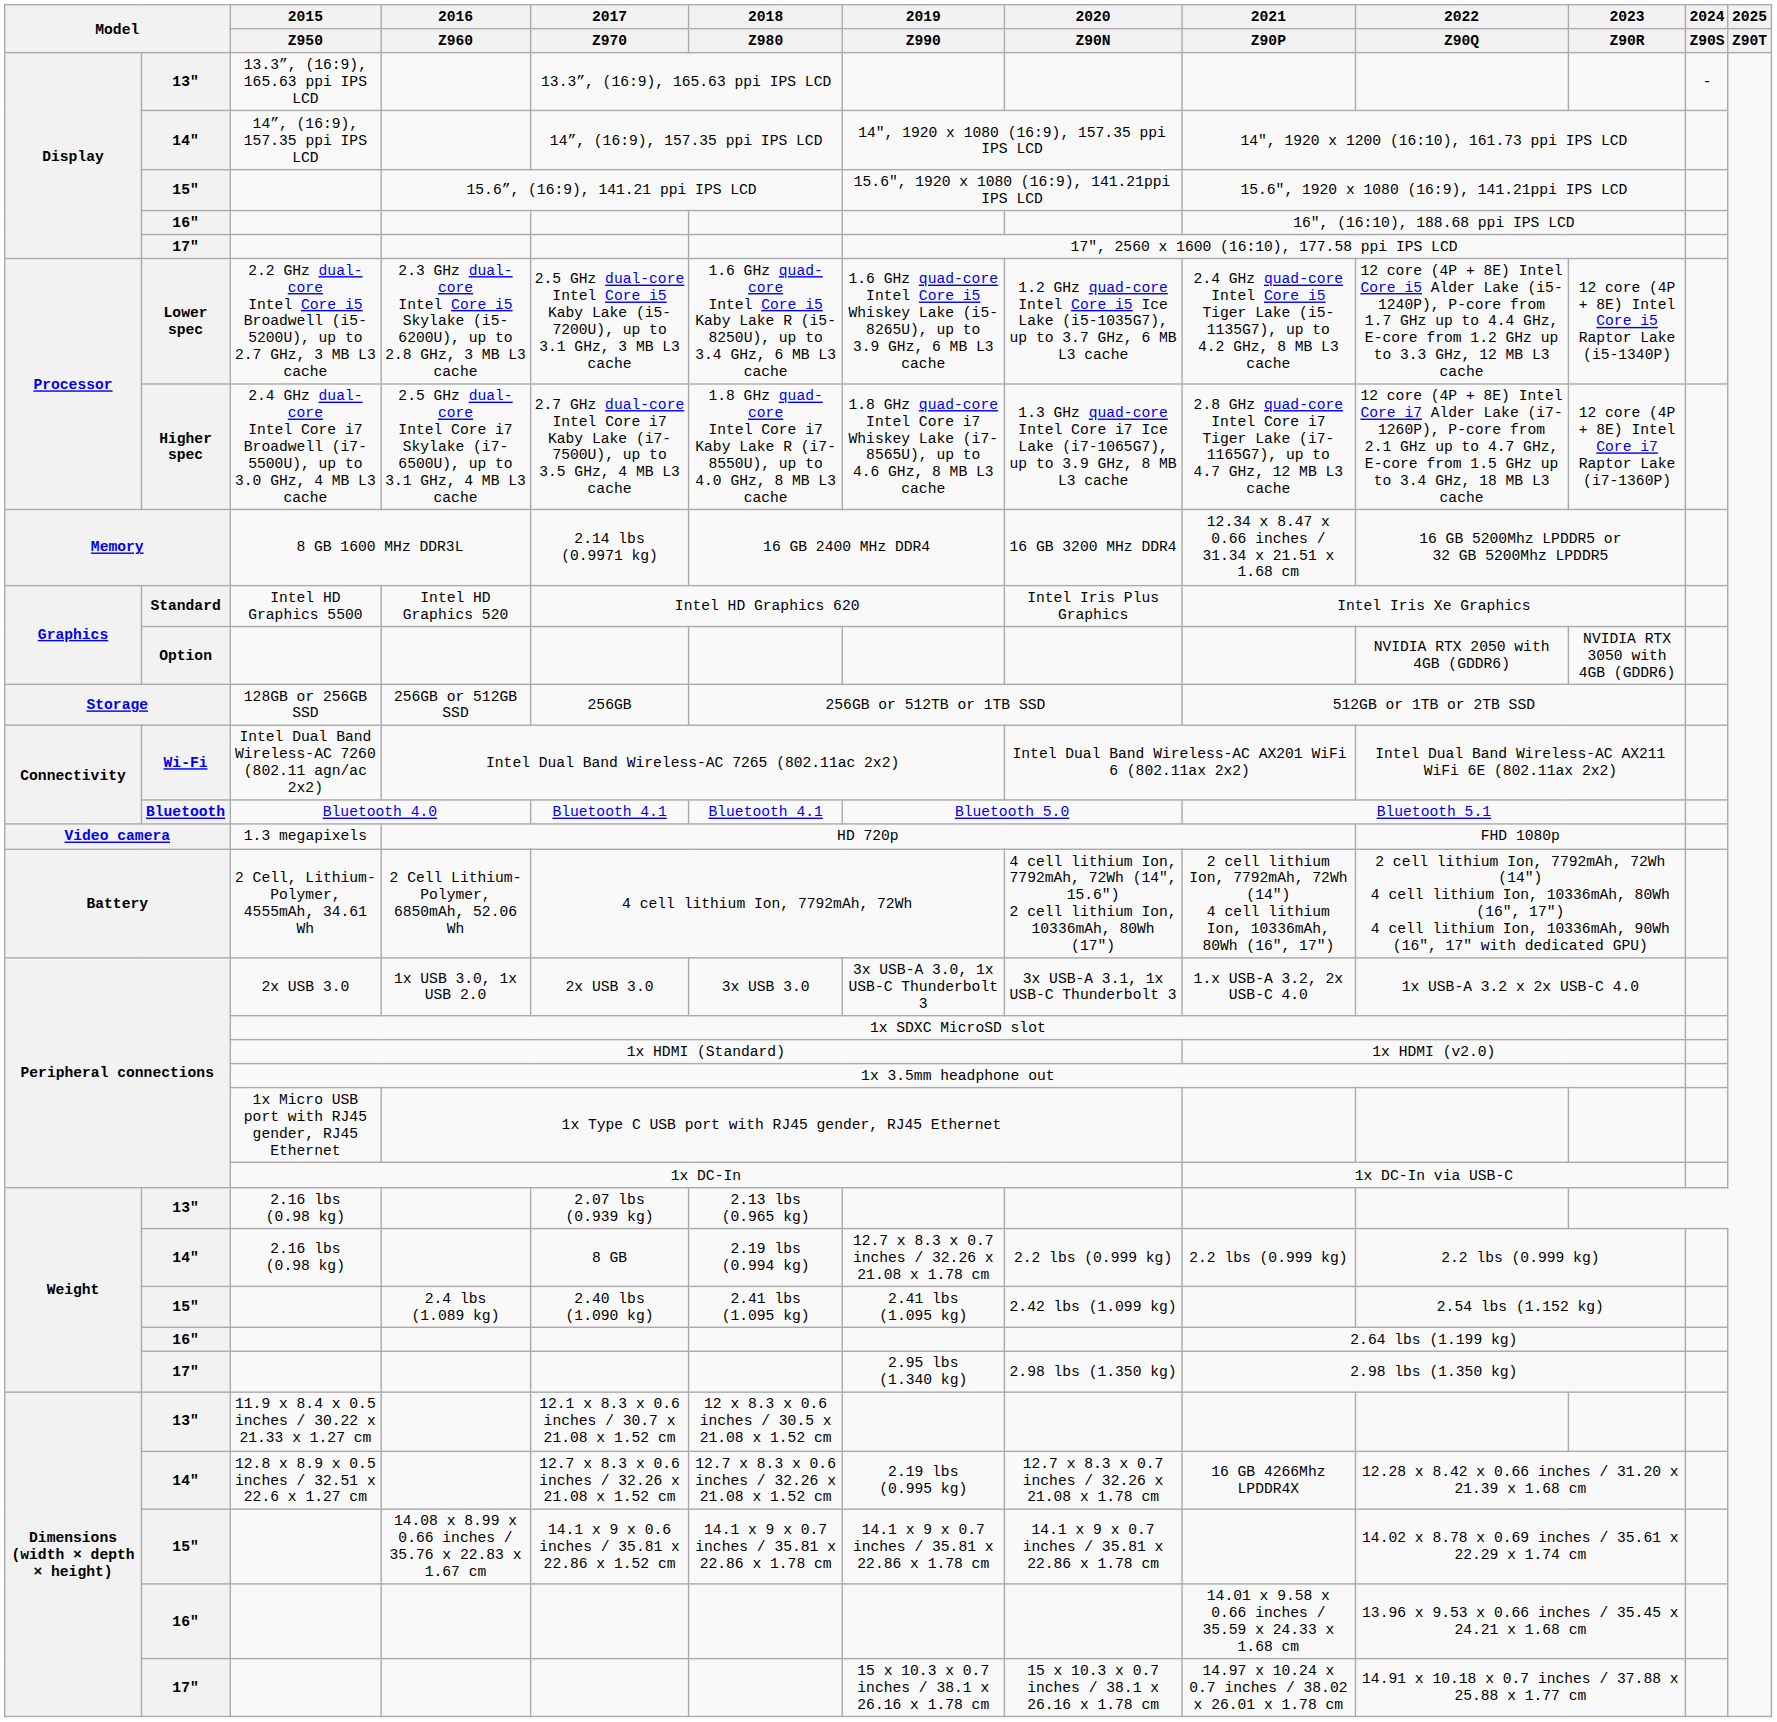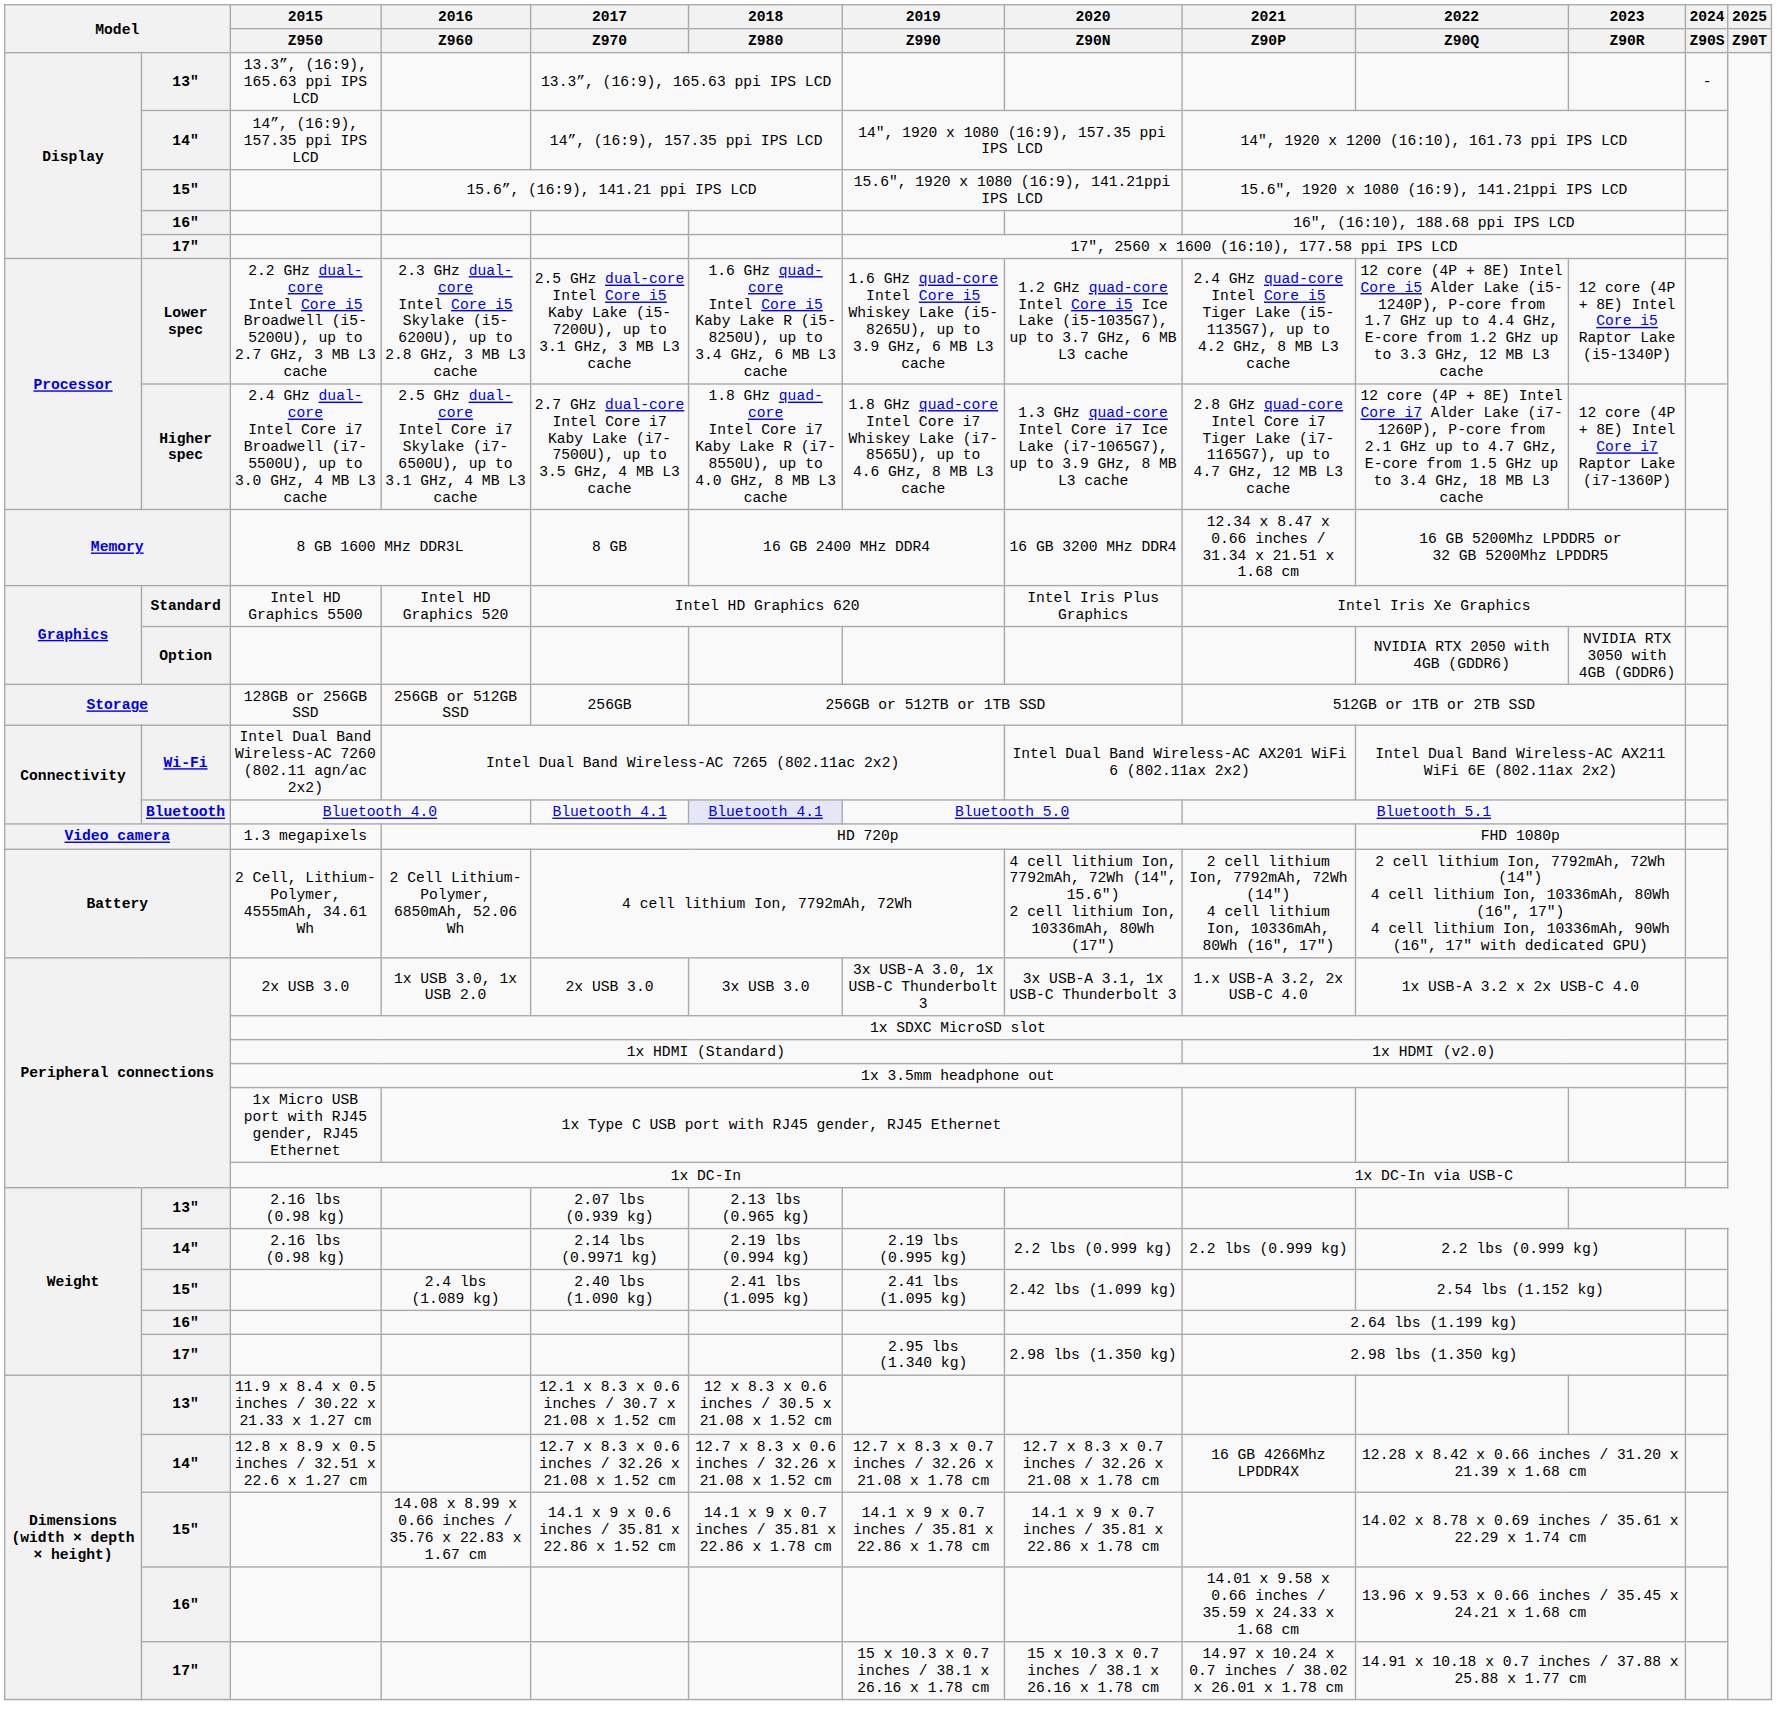 <table class="wikitable" style="font-size:80%; text-align:center">
 <tr>
 <th colspan="2" rowspan="2">Model</th>
 <th>2015</th>
 <th>2016</th>
 <th>2017</th>
 <th>2018</th>
 <th>2019</th>
 <th>2020</th>
 <th>2021</th>
 <th>2022</th>
 <th>2023</th>
 <th>2024</th>
 <th>2025</th>
 </tr>
 <tr>
 <th>Z950</th>
 <th>Z960</th>
 <th>Z970</th>
 <th>Z980</th>
 <th>Z990</th>
 <th>Z90N</th>
 <th>Z90P</th>
 <th>Z90Q</th>
 <th>Z90R</th>
 <th>Z90S</th>
 <th>Z90T</th>
 </tr>
 <tr>
 <th rowspan="5">Display</th>
 <th>13"</th>
 <td>13.3”,  (16:9), 165.63 ppi IPS LCD </td>
 <td></td>
 <td colspan="2">13.3”,  (16:9), 165.63 ppi IPS LCD </td>
 <td></td>
 <td></td>
 <td></td>
 <td></td>
 <td></td>
 <td>-</td>
 </tr>
 <tr>
 <th>14"</th>
 <td>14”,  (16:9), 157.35 ppi IPS LCD </td>
 <td></td>
 <td colspan="2">14”,  (16:9), 157.35 ppi IPS LCD </td>
 <td colspan="2">14", 1920 x 1080 (16:9), 157.35 ppi IPS LCD</td>
 <td colspan="3">14", 1920 x 1200 (16:10), 161.73 ppi IPS LCD</td>
 <td></td>
 </tr>
 <tr>
 <th>15"</th>
 <td></td>
 <td colspan="3">15.6”,  (16:9), 141.21 ppi IPS LCD </td>
 <td colspan="2">15.6", 1920 x 1080 (16:9), 141.21ppi IPS LCD</td>
 <td colspan="3">15.6", 1920 x 1080 (16:9), 141.21ppi IPS LCD</td>
 <td></td>
 </tr>
 <tr>
 <th>16"</th>
 <td></td>
 <td></td>
 <td></td>
 <td></td>
 <td></td>
 <td></td>
 <td colspan="3">16",  (16:10), 188.68 ppi IPS LCD</td>
 <td></td>
 </tr>
 <tr>
 <th>17"</th>
 <td></td>
 <td></td>
 <td></td>
 <td></td>
 <td colspan="5">17", 2560 x 1600 (16:10), 177.58 ppi IPS LCD</td>
 <td></td>
 </tr>
 <tr>
 <th rowspan="2"><strong><a href='#'>Processor</a></strong></th>
 <th>Lower spec</th>
 <td>2.2 GHz <a href='#'>dual-core</a><br>Intel <a href='#'>Core i5</a> Broadwell (i5-5200U), up to 2.7 GHz, 3 MB L3 cache</td>
 <td>2.3 GHz <a href='#'>dual-core</a><br>Intel <a href='#'>Core i5</a> Skylake (i5-6200U), up to 2.8 GHz, 3 MB L3 cache</td>
 <td>2.5 GHz <a href='#'>dual-core</a><br>Intel <a href='#'>Core i5</a> Kaby Lake (i5-7200U), up to 3.1 GHz, 3 MB L3 cache</td>
 <td>1.6 GHz <a href='#'>quad-core</a><br>Intel <a href='#'>Core i5</a>  Kaby Lake R (i5-8250U), up to 3.4 GHz, 6 MB L3 cache</td>
 <td>1.6 GHz <a href='#'>quad-core</a><br>Intel <a href='#'>Core i5</a>  Whiskey Lake (i5-8265U), up to 3.9 GHz, 6 MB L3 cache</td>
 <td>1.2 GHz <a href='#'>quad-core</a><br>Intel <a href='#'>Core i5</a> Ice Lake (i5-1035G7), up to 3.7 GHz, 6 MB L3 cache</td>
 <td>2.4 GHz <a href='#'>quad-core</a><br>Intel <a href='#'>Core i5</a>  Tiger Lake (i5-1135G7), up to 4.2 GHz, 8 MB L3 cache</td>
 <td>12 core (4P + 8E) Intel <a href='#'>Core i5</a>  Alder Lake (i5-1240P), P-core from 1.7 GHz up to 4.4 GHz, E-core from 1.2 GHz up to 3.3 GHz, 12 MB L3 cache</td>
 <td>12 core (4P + 8E) Intel <a href='#'>Core i5</a>  Raptor Lake (i5-1340P)</td>
 <td></td>
 </tr>
 <tr>
 <th>Higher spec</th>
 <td>2.4 GHz <a href='#'>dual-core</a><br>Intel Core i7 Broadwell (i7-5500U), up to 3.0 GHz, 4 MB L3 cache</td>
 <td>2.5 GHz <a href='#'>dual-core</a><br>Intel Core i7 Skylake (i7-6500U), up to 3.1 GHz, 4 MB L3 cache</td>
 <td>2.7 GHz <a href='#'>dual-core</a><br>Intel Core i7 Kaby Lake (i7-7500U), up to 3.5 GHz, 4 MB L3 cache</td>
 <td>1.8 GHz <a href='#'>quad-core</a><br>Intel Core i7 Kaby Lake R (i7-8550U), up to 4.0 GHz, 8 MB L3 cache</td>
 <td>1.8 GHz <a href='#'>quad-core</a><br>Intel Core i7 Whiskey Lake (i7-8565U), up to 4.6 GHz, 8 MB L3 cache</td>
 <td>1.3 GHz <a href='#'>quad-core</a> Intel Core i7 Ice Lake (i7-1065G7), up to 3.9 GHz, 8 MB L3 cache</td>
 <td>2.8 GHz <a href='#'>quad-core</a> Intel Core i7 Tiger Lake (i7-1165G7), up to 4.7 GHz, 12 MB L3 cache</td>
 <td>12 core (4P + 8E) Intel <a href='#'>Core i7</a>  Alder Lake (i7-1260P), P-core from 2.1 GHz up to 4.7 GHz, E-core from 1.5 GHz up to 3.4 GHz, 18 MB L3 cache</td>
 <td>12 core (4P + 8E) Intel <a href='#'>Core i7</a>  Raptor Lake (i7-1360P)</td>
 <td></td>
 </tr>
 <tr>
 <th colspan="2"><strong><a href='#'>Memory</a></strong></th>
 <td colspan="2">8 GB 1600 MHz DDR3L</td>
-<td>2.14 lbs (0.9971 kg)</td>
+<td>8 GB</td>
 <td colspan="2">16 GB 2400 MHz DDR4</td>
 <td>16 GB 3200 MHz DDR4</td>
 <td>12.34 x 8.47 x 0.66 inches / 31.34 x 21.51 x 1.68 cm</td>
 <td colspan="2">16 GB 5200Mhz LPDDR5 or<br>32 GB 5200Mhz LPDDR5</td>
 <td></td>
 </tr>
 <tr>
 <th rowspan="2"><strong><a href='#'>Graphics</a></strong></th>
 <th>Standard</th>
 <td>Intel HD Graphics 5500</td>
 <td>Intel HD Graphics 520</td>
 <td colspan="3">Intel HD Graphics 620</td>
 <td>Intel Iris Plus Graphics</td>
 <td colspan="3">Intel Iris Xe Graphics</td>
 <td></td>
 </tr>
 <tr>
 <th>Option</th>
 <td></td>
 <td></td>
 <td></td>
 <td></td>
 <td></td>
 <td></td>
 <td></td>
 <td>NVIDIA RTX 2050 with 4GB (GDDR6)</td>
 <td>NVIDIA RTX 3050 with 4GB (GDDR6)</td>
 <td></td>
 </tr>
 <tr>
 <th colspan="2"><strong><a href='#'>Storage</a></strong></th>
 <td>128GB or 256GB SSD</td>
 <td>256GB or 512GB SSD</td>
 <td>256GB</td>
 <td colspan="3">256GB or 512TB or 1TB SSD</td>
 <td colspan="3">512GB or 1TB or 2TB SSD</td>
 <td></td>
 </tr>
 <tr>
 <th rowspan="2">Connectivity</th>
 <th><strong><a href='#'>Wi-Fi</a></strong></th>
 <td>Intel Dual Band Wireless-AC 7260 (802.11 agn/ac 2x2)</td>
 <td colspan="4">Intel Dual Band Wireless-AC 7265 (802.11ac 2x2)</td>
 <td colspan="2">Intel Dual Band Wireless-AC AX201 WiFi 6 (802.11ax 2x2)</td>
 <td colspan="2">Intel Dual Band Wireless-AC AX211 WiFi 6E (802.11ax 2x2)</td>
 <td></td>
 </tr>
 <tr>
 <th><strong><a href='#'>Bluetooth</a></strong></th>
 <td colspan="2"><a href='#'>Bluetooth 4.0</a></td>
 <td><a href='#'>Bluetooth 4.1</a></td>
-<td><a href='#'>Bluetooth 4.1</a></td>
+<td style="background: lavender;"><a href='#'>Bluetooth 4.1</a></td>
 <td colspan="2"><a href='#'>Bluetooth 5.0</a></td>
 <td colspan="3"><a href='#'>Bluetooth 5.1</a></td>
 <td></td>
 </tr>
 <tr>
 <th colspan="2"><strong><a href='#'>Video camera</a></strong></th>
 <td>1.3 megapixels</td>
 <td colspan="6">HD 720p</td>
 <td colspan="2">FHD 1080p</td>
 <td></td>
 </tr>
 <tr>
 <th colspan="2"><strong>Battery</strong></th>
 <td>2 Cell, Lithium-Polymer, 4555mAh, 34.61 Wh</td>
 <td>2 Cell Lithium-Polymer, 6850mAh, 52.06 Wh</td>
 <td colspan="3">4 cell lithium Ion, 7792mAh, 72Wh</td>
 <td>4 cell lithium Ion, 7792mAh, 72Wh (14", 15.6")<br>2 cell lithium Ion, 10336mAh, 80Wh (17")</td>
 <td>2 cell lithium Ion, 7792mAh, 72Wh (14")<br>4 cell lithium Ion, 10336mAh, 80Wh (16", 17")</td>
 <td colspan="2">2 cell lithium Ion, 7792mAh, 72Wh (14")<br>4 cell lithium Ion, 10336mAh, 80Wh (16", 17")<br>4 cell lithium Ion, 10336mAh, 90Wh (16", 17" with dedicated GPU)</td>
 <td></td>
 </tr>
 <tr>
 <th colspan="2" rowspan="6">Peripheral connections</th>
 <td>2x USB 3.0</td>
 <td>1x USB 3.0, 1x USB 2.0</td>
 <td>2x USB 3.0</td>
 <td>3x USB 3.0</td>
 <td>3x USB-A 3.0, 1x USB-C Thunderbolt 3</td>
 <td>3x USB-A 3.1, 1x USB-C Thunderbolt 3</td>
 <td>1.x USB-A 3.2, 2x USB-C 4.0</td>
 <td colspan="2">1x USB-A 3.2 x 2x USB-C 4.0</td>
 <td></td>
 </tr>
 <tr>
 <td colspan="9">1x SDXC MicroSD slot</td>
 <td></td>
 </tr>
 <tr>
 <td colspan="6">1x HDMI (Standard)</td>
 <td colspan="3">1x HDMI (v2.0)</td>
 <td></td>
 </tr>
 <tr>
 <td colspan="9">1x 3.5mm headphone out</td>
 <td></td>
 </tr>
 <tr>
 <td>1x Micro USB port with RJ45 gender, RJ45 Ethernet</td>
 <td colspan="5">1x Type C USB port with RJ45 gender, RJ45 Ethernet</td>
 <td></td>
 <td></td>
 <td></td>
 <td></td>
 </tr>
 <tr>
 <td colspan="6">1x DC-In</td>
 <td colspan="3">1x DC-In via USB-C</td>
 <td></td>
 </tr>
 <tr>
 <th rowspan="5"><strong>Weight</strong></th>
 <th>13"</th>
 <td>2.16 lbs (0.98 kg)</td>
 <td></td>
 <td>2.07 lbs (0.939 kg)</td>
 <td>2.13 lbs (0.965 kg)</td>
 <td></td>
 <td></td>
 <td></td>
 <td></td>
 </tr>
 <tr>
 <th>14"</th>
 <td>2.16 lbs (0.98 kg)</td>
 <td></td>
-<td>8 GB</td>
+<td>2.14 lbs (0.9971 kg)</td>
 <td>2.19 lbs (0.994 kg)</td>
-<td>12.7 x 8.3 x 0.7 inches / 32.26 x 21.08 x 1.78 cm</td>
+<td>2.19 lbs (0.995 kg)</td>
 <td>2.2 lbs (0.999 kg)</td>
 <td>2.2 lbs (0.999 kg)</td>
 <td colspan="2">2.2 lbs (0.999 kg)</td>
 <td></td>
 </tr>
 <tr>
 <th>15"</th>
 <td></td>
 <td>2.4 lbs (1.089 kg)</td>
 <td>2.40 lbs (1.090 kg)</td>
 <td>2.41 lbs (1.095 kg)</td>
 <td>2.41 lbs (1.095 kg)</td>
 <td>2.42 lbs (1.099 kg)</td>
 <td></td>
 <td colspan="2">2.54 lbs (1.152 kg)</td>
 <td></td>
 </tr>
 <tr>
 <th>16"</th>
 <td></td>
 <td></td>
 <td></td>
 <td></td>
 <td></td>
 <td></td>
 <td colspan="3">2.64 lbs (1.199 kg)</td>
 <td></td>
 </tr>
 <tr>
 <th>17"</th>
 <td></td>
 <td></td>
 <td></td>
 <td></td>
 <td>2.95 lbs (1.340 kg)</td>
 <td>2.98 lbs (1.350 kg)</td>
 <td colspan="3">2.98 lbs (1.350 kg)</td>
 <td></td>
 </tr>
 <tr>
 <th rowspan="5"><strong>Dimensions (width × depth × height)</strong></th>
 <th>13"</th>
 <td>11.9 x 8.4 x 0.5 inches / 30.22 x 21.33 x 1.27 cm</td>
 <td></td>
 <td>12.1 x 8.3 x 0.6 inches / 30.7 x 21.08 x 1.52 cm</td>
 <td>12 x 8.3 x 0.6 inches / 30.5 x 21.08 x 1.52 cm</td>
 <td></td>
 <td></td>
 <td></td>
 <td></td>
 <td></td>
 <td></td>
 </tr>
 <tr>
 <th>14"</th>
 <td>12.8 x 8.9 x 0.5 inches / 32.51 x 22.6 x 1.27 cm</td>
 <td></td>
 <td>12.7 x 8.3 x 0.6 inches / 32.26 x 21.08 x 1.52 cm</td>
 <td>12.7 x 8.3 x 0.6 inches / 32.26 x 21.08 x 1.52 cm</td>
-<td>2.19 lbs (0.995 kg)</td>
+<td>12.7 x 8.3 x 0.7 inches / 32.26 x 21.08 x 1.78 cm</td>
 <td>12.7 x 8.3 x 0.7 inches / 32.26 x 21.08 x 1.78 cm</td>
 <td>16 GB 4266Mhz LPDDR4X</td>
 <td colspan="2">12.28 x 8.42 x 0.66 inches / 31.20 x 21.39 x 1.68 cm</td>
 <td></td>
 </tr>
 <tr>
 <th>15"</th>
 <td></td>
 <td>14.08 x 8.99 x 0.66 inches / 35.76 x 22.83 x 1.67 cm</td>
 <td>14.1 x 9 x 0.6 inches / 35.81 x 22.86 x 1.52 cm</td>
 <td>14.1 x 9 x 0.7 inches / 35.81 x 22.86 x 1.78 cm</td>
 <td>14.1 x 9 x 0.7 inches / 35.81 x 22.86 x 1.78 cm</td>
 <td>14.1 x 9 x 0.7 inches / 35.81 x 22.86 x 1.78 cm</td>
 <td></td>
 <td colspan="2">14.02 x 8.78 x 0.69 inches / 35.61 x 22.29 x 1.74 cm</td>
 <td></td>
 </tr>
 <tr>
 <th>16"</th>
 <td></td>
 <td></td>
 <td></td>
 <td></td>
 <td></td>
 <td></td>
 <td>14.01 x 9.58 x 0.66 inches / 35.59 x 24.33 x 1.68 cm</td>
 <td colspan="2">13.96 x 9.53 x 0.66 inches / 35.45 x 24.21 x 1.68 cm</td>
 <td></td>
 </tr>
 <tr>
 <th>17"</th>
 <td></td>
 <td></td>
 <td></td>
 <td></td>
 <td>15 x 10.3 x 0.7 inches / 38.1 x 26.16 x 1.78 cm</td>
 <td>15 x 10.3 x 0.7 inches / 38.1 x 26.16 x 1.78 cm</td>
 <td>14.97 x 10.24 x 0.7 inches / 38.02 x 26.01 x 1.78 cm</td>
 <td colspan="2">14.91 x 10.18 x 0.7 inches / 37.88 x 25.88 x 1.77 cm</td>
 <td></td>
 </tr>
 </table>
